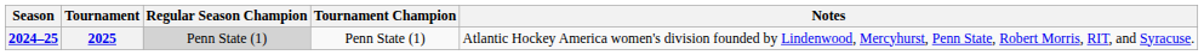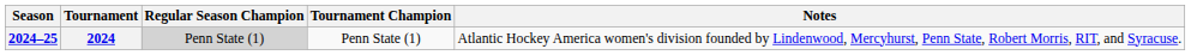 <table class="wikitable" style="text-align: center;">
 <tr>
 <th>Season</th>
 <th>Tournament</th>
 <th>Regular Season Champion</th>
 <th>Tournament Champion</th>
 <th>Notes</th>
 </tr>
 <tr>
 <th><a href='#'>2024–25</a></th>
-<th><a href='#'>2025</a></th>
+<th><a href='#'>2024</a></th>
 <td style="background: lightgrey;">Penn State (1)</td>
 <td>Penn State (1)</td>
 <td>Atlantic Hockey America women's division founded by <a href='#'>Lindenwood</a>, <a href='#'>Mercyhurst</a>, <a href='#'>Penn State</a>, <a href='#'>Robert Morris</a>, <a href='#'>RIT</a>, and <a href='#'>Syracuse</a>.</td>
 </tr>
 </table>
